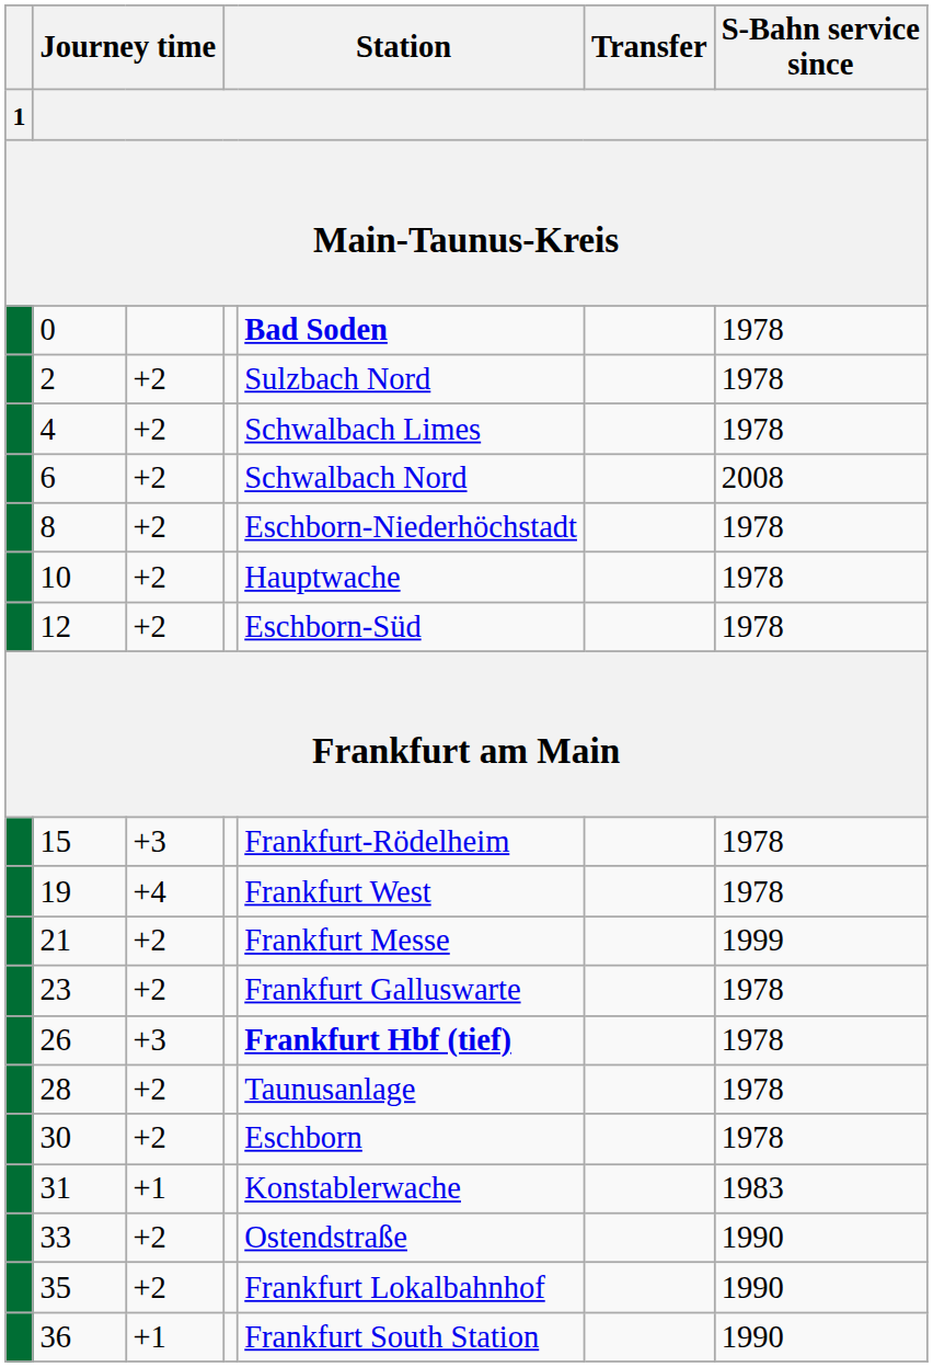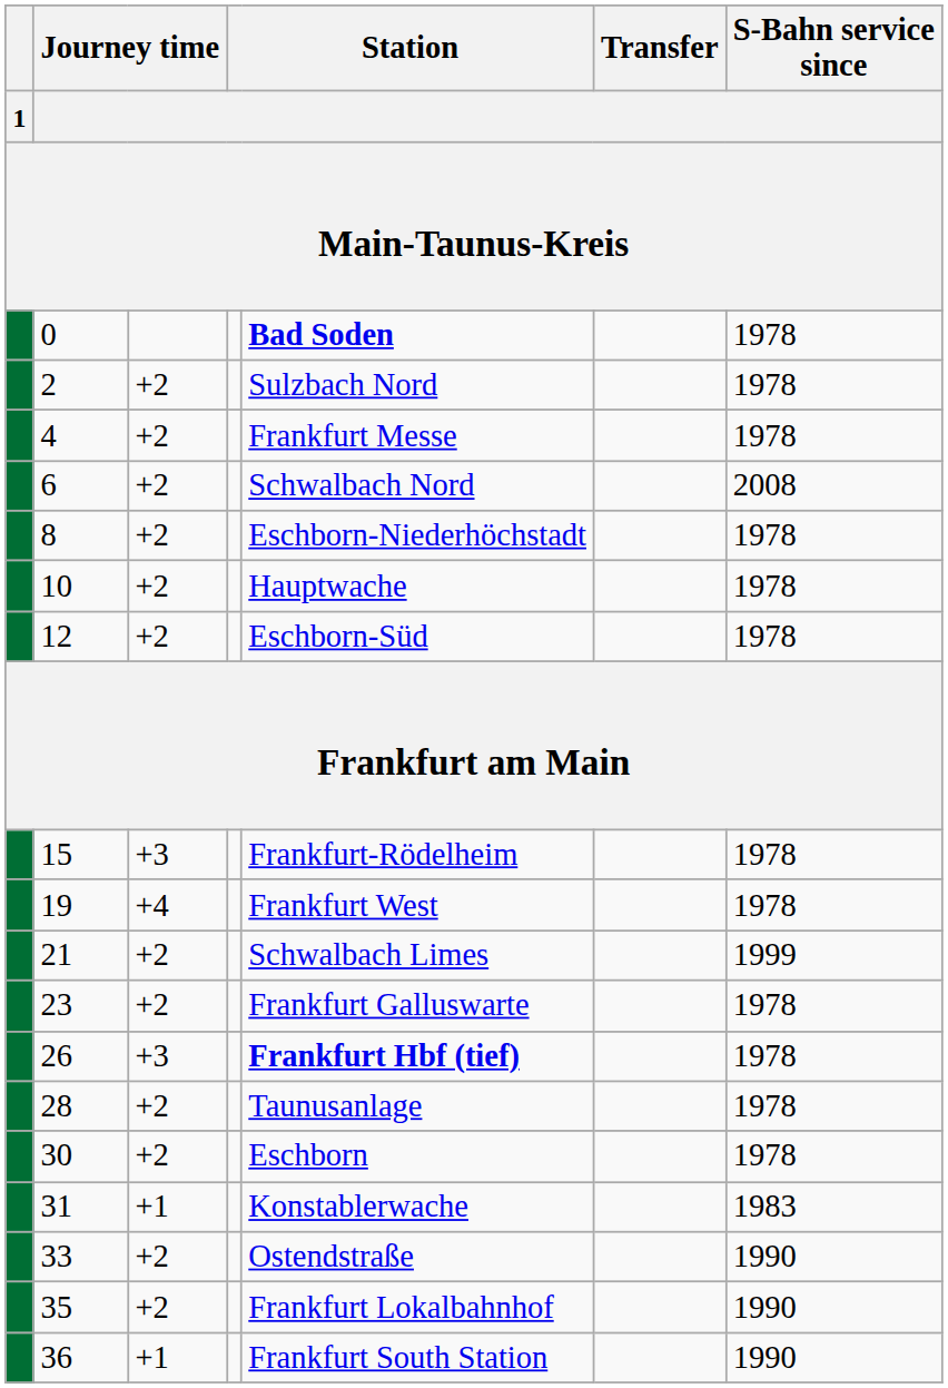 <table class="wikitable" summary="Stations of the S3 service">
 <tr>
 <th colspan="1" align="center" scope="col"></th>
 <th colspan="2">Journey time</th>
 <th colspan="2" scope="col">Station</th>
 <th scope="col">Transfer</th>
 <th scope="col">S-Bahn service<br>since</th>
 </tr>
 <tr>
 <th><small>1</small></th>
 <th colspan="6"></th>
 </tr>
 <tr>
 <th colspan="13" align="center" class="hintergrundfarbe5"><br><h3>Main-Taunus-Kreis</h3></th>
 </tr>
 <tr>
 <td style="background-color:#006e34"></td>
 <td>0</td>
 <td></td>
 <td></td>
 <td><strong><a href='#'>Bad Soden</a></strong></td>
 <td></td>
 <td>1978</td>
 </tr>
 <tr>
 <td style="background-color:#006e34"></td>
 <td>2</td>
 <td>+2</td>
 <td></td>
 <td><a href='#'>Sulzbach Nord</a></td>
 <td></td>
 <td>1978</td>
 </tr>
 <tr>
 <td style="background-color:#006e34"></td>
 <td>4</td>
 <td>+2</td>
 <td></td>
-<td><a href='#'>Schwalbach Limes</a></td>
+<td><a href='#'>Frankfurt Messe</a></td>
 <td></td>
 <td>1978</td>
 </tr>
 <tr>
 <td style="background-color:#006e34"></td>
 <td>6</td>
 <td>+2</td>
 <td></td>
 <td><a href='#'>Schwalbach Nord</a></td>
 <td></td>
 <td>2008</td>
 </tr>
 <tr>
 <td style="background-color:#006e34"></td>
 <td>8</td>
 <td>+2</td>
 <td></td>
 <td><a href='#'>Eschborn-Niederhöchstadt</a></td>
 <td></td>
 <td>1978</td>
 </tr>
 <tr>
 <td style="background-color:#006e34"></td>
 <td>10</td>
 <td>+2</td>
 <td></td>
 <td><a href='#'>Hauptwache</a></td>
 <td></td>
 <td>1978</td>
 </tr>
 <tr>
 <td style="background-color:#006e34"></td>
 <td>12</td>
 <td>+2</td>
 <td></td>
 <td><a href='#'>Eschborn-Süd</a></td>
 <td></td>
 <td>1978</td>
 </tr>
 <tr>
 <th colspan="13" align="center" class="hintergrundfarbe5"><br><h3>Frankfurt am Main</h3></th>
 </tr>
 <tr>
 <td style="background-color:#006e34"></td>
 <td>15</td>
 <td>+3</td>
 <td></td>
 <td><a href='#'>Frankfurt-Rödelheim</a></td>
 <td> </td>
 <td>1978</td>
 </tr>
 <tr>
 <td style="background-color:#006e34"></td>
 <td>19</td>
 <td>+4</td>
 <td></td>
 <td><a href='#'>Frankfurt West</a></td>
 <td>  </td>
 <td>1978</td>
 </tr>
 <tr>
 <td style="background-color:#006e34"></td>
 <td>21</td>
 <td>+2</td>
 <td></td>
-<td><a href='#'>Frankfurt Messe</a></td>
+<td><a href='#'>Schwalbach Limes</a></td>
 <td>  </td>
 <td>1999</td>
 </tr>
 <tr>
 <td style="background-color:#006e34"></td>
 <td>23</td>
 <td>+2</td>
 <td></td>
 <td><a href='#'>Frankfurt Galluswarte</a></td>
 <td>  </td>
 <td>1978</td>
 </tr>
 <tr>
 <td style="background-color:#006e34"></td>
 <td>26</td>
 <td>+3</td>
 <td></td>
 <td><strong><a href='#'>Frankfurt Hbf (tief)</a></strong></td>
 <td>         </td>
 <td>1978</td>
 </tr>
 <tr>
 <td style="background-color:#006e34"></td>
 <td>28</td>
 <td>+2</td>
 <td></td>
 <td><a href='#'>Taunusanlage</a></td>
 <td>      </td>
 <td>1978</td>
 </tr>
 <tr>
 <td style="background-color:#006e34"></td>
 <td>30</td>
 <td>+2</td>
 <td></td>
 <td><a href='#'>Eschborn</a></td>
 <td>            </td>
 <td>1978</td>
 </tr>
 <tr>
 <td style="background-color:#006e34"></td>
 <td>31</td>
 <td>+1</td>
 <td></td>
 <td><a href='#'>Konstablerwache</a></td>
 <td>          </td>
 <td>1983</td>
 </tr>
 <tr>
 <td style="background-color:#006e34"></td>
 <td>33</td>
 <td>+2</td>
 <td></td>
 <td><a href='#'>Ostendstraße</a></td>
 <td>      </td>
 <td>1990</td>
 </tr>
 <tr>
 <td style="background-color:#006e34"></td>
 <td>35</td>
 <td>+2</td>
 <td></td>
 <td><a href='#'>Frankfurt Lokalbahnhof</a></td>
 <td>  </td>
 <td>1990</td>
 </tr>
 <tr>
 <td style="background-color:#006e34"></td>
 <td>36</td>
 <td>+1</td>
 <td></td>
 <td><a href='#'>Frankfurt South Station</a></td>
 <td>      </td>
 <td>1990</td>
 </tr>
 </table>
